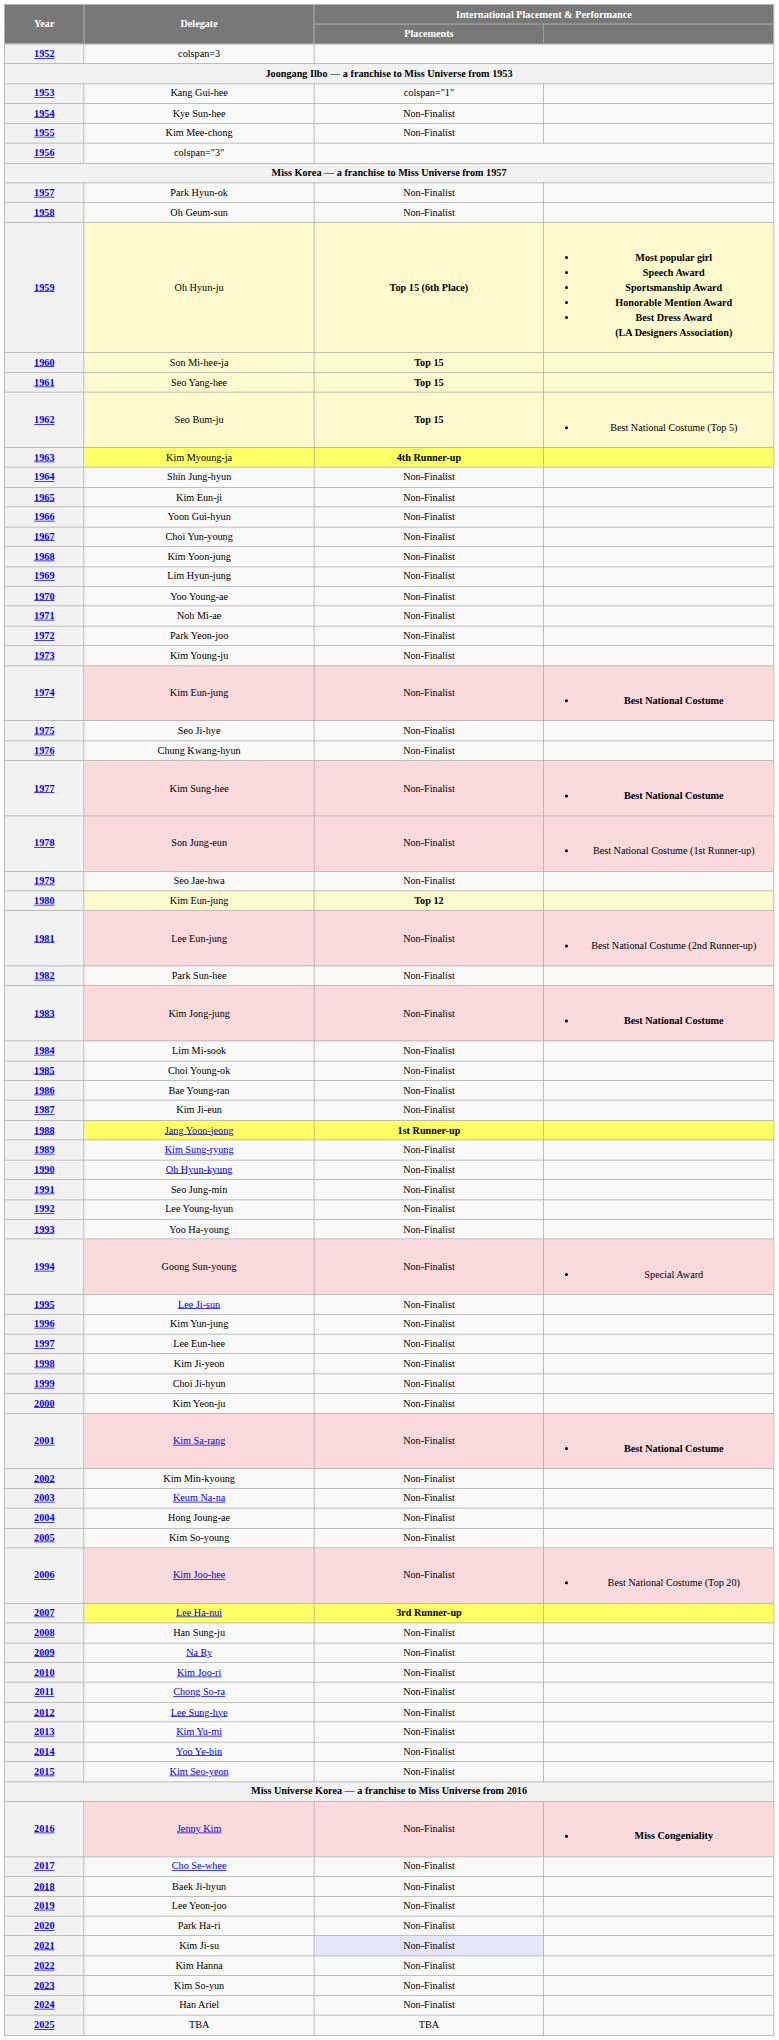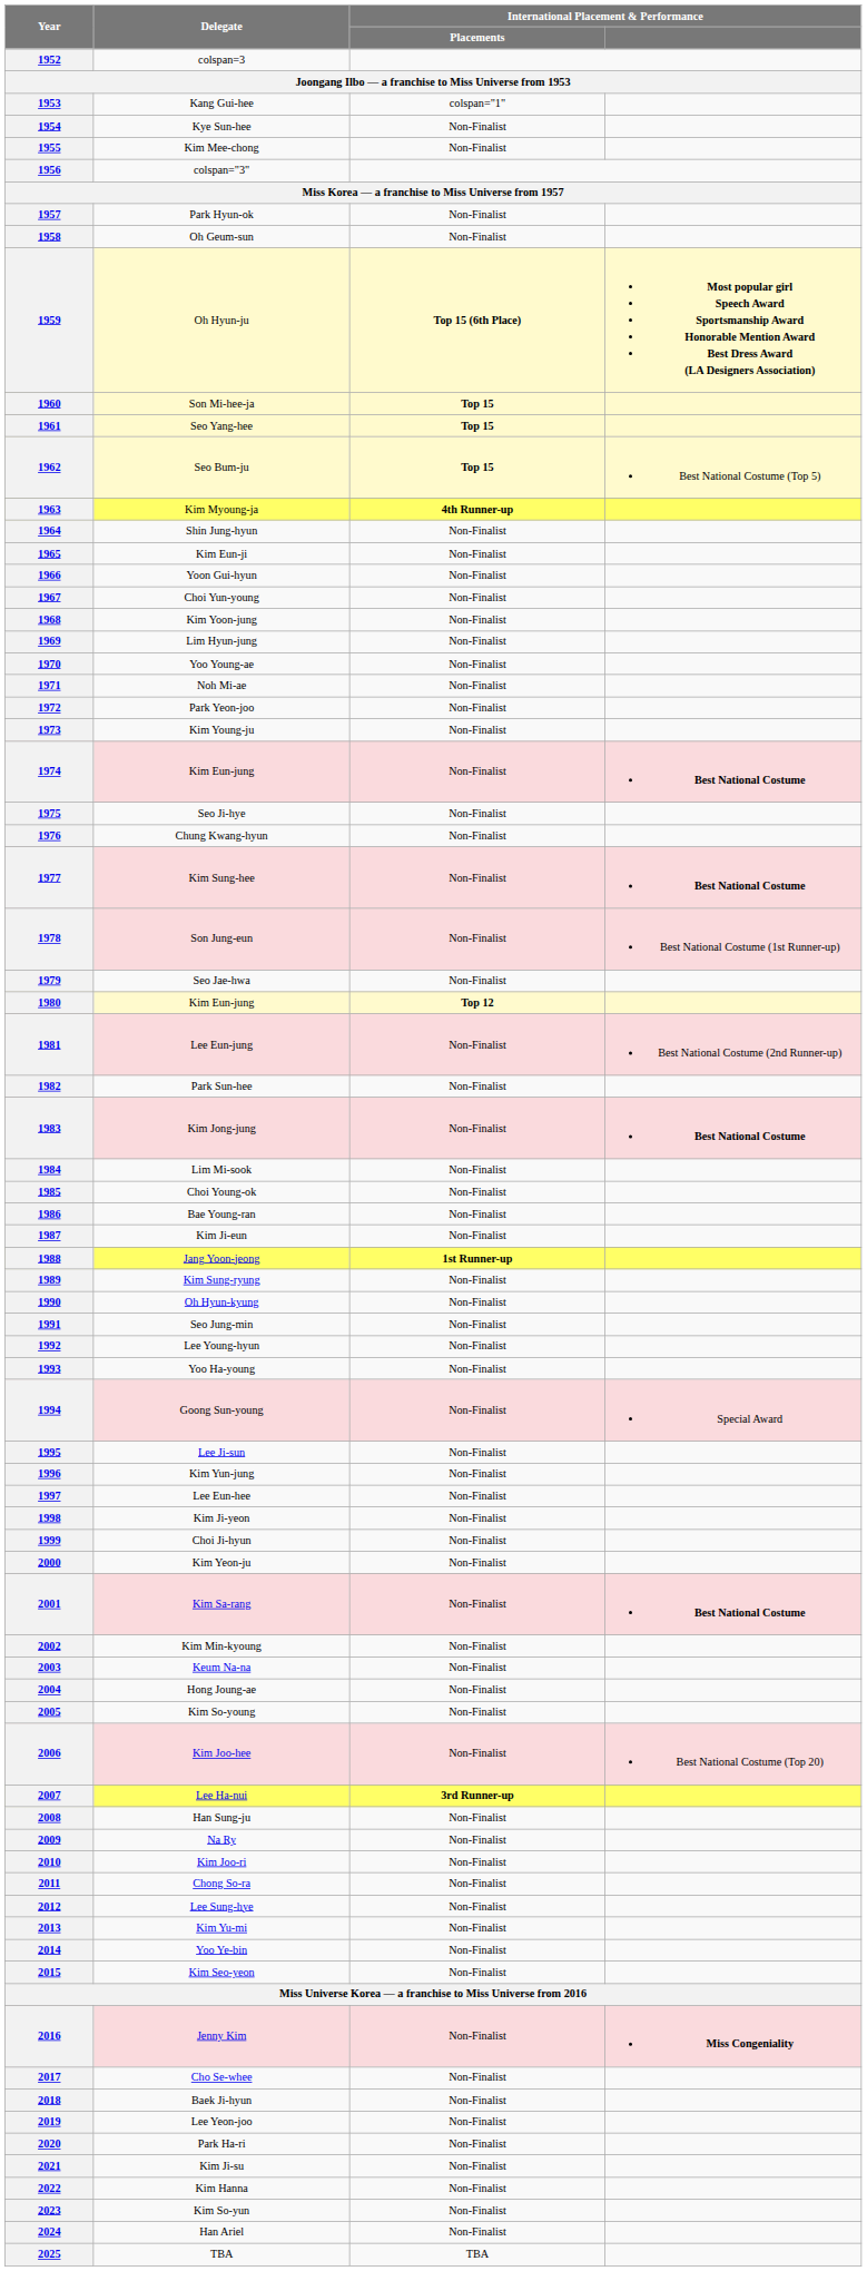 <table class="wikitable" style="text-align:center; line-height:20px; font-size:85%;">
 <tr>
 <th rowspan="2"  width=100px style="background-color:#787878;color:#FFFFFF;">Year</th>
 <th rowspan="2"  width=300px style="background-color:#787878;color:#FFFFFF;">Delegate</th>
 <th colspan="2"  width=100px style="background-color:#787878;color:#FFFFFF;">International Placement & Performance</th>
 </tr>
 <tr>
 <th width=300px style="background-color:#787878;color:#FFFFFF;">Placements</th>
 <th width=300px style="background-color:#787878;color:#FFFFFF;"></th>
 </tr>
 <tr>
 <th><a href='#'>1952</a></th>
 <td>colspan=3 </td>
 </tr>
 <tr>
 <th colspan="4">Joongang Ilbo — a franchise to Miss Universe from 1953</th>
 </tr>
 <tr>
 <th><a href='#'>1953</a></th>
 <td>Kang Gui-hee</td>
 <td>colspan="1" </td>
 </tr>
 <tr>
 <th><a href='#'>1954</a></th>
 <td>Kye Sun-hee</td>
 <td>Non-Finalist</td>
 <td></td>
 </tr>
 <tr>
 <th><a href='#'>1955</a></th>
 <td>Kim Mee-chong</td>
 <td>Non-Finalist</td>
 <td></td>
 </tr>
 <tr>
 <th><a href='#'>1956</a></th>
 <td>colspan="3" </td>
 </tr>
 <tr>
 <th colspan="4">Miss Korea — a franchise to Miss Universe from 1957</th>
 </tr>
 <tr>
 <th><a href='#'>1957</a></th>
 <td>Park Hyun-ok</td>
 <td>Non-Finalist</td>
 <td></td>
 </tr>
 <tr>
 <th><a href='#'>1958</a></th>
 <td>Oh Geum-sun</td>
 <td>Non-Finalist</td>
 <td></td>
 </tr>
 <tr style="background-color:#FFFACD; ">
 <th><a href='#'>1959</a></th>
 <td>Oh Hyun-ju</td>
 <td><strong>Top 15 (6th Place)</strong></td>
 <td><br><ul><li><strong>Most popular girl</strong></li><li><strong>Speech Award</strong></li><li><strong>Sportsmanship Award</strong></li><li><strong>Honorable Mention Award</strong></li><li><strong>Best Dress Award </strong><br><strong>(LA Designers Association)</strong></li></ul></td>
 </tr>
 <tr style="background-color:#FFFACD; ">
 <th><a href='#'>1960</a></th>
 <td>Son Mi-hee-ja</td>
 <td><strong>Top 15</strong></td>
 <td></td>
 </tr>
 <tr style="background-color:#FFFACD; ">
 <th><a href='#'>1961</a></th>
 <td>Seo Yang-hee</td>
 <td><strong>Top 15</strong></td>
 <td></td>
 </tr>
 <tr style="background-color:#FFFACD; ">
 <th><a href='#'>1962</a></th>
 <td>Seo Bum-ju</td>
 <td><strong>Top 15</strong></td>
 <td><br><ul><li>Best National Costume (Top 5)</li></ul></td>
 </tr>
 <tr style="background-color:#FFFF66;">
 <th><a href='#'>1963</a></th>
 <td>Kim Myoung-ja</td>
 <td><strong>4th Runner-up</strong></td>
 <td></td>
 </tr>
 <tr>
 <th><a href='#'>1964</a></th>
 <td>Shin Jung-hyun</td>
 <td>Non-Finalist</td>
 <td></td>
 </tr>
 <tr>
 <th><a href='#'>1965</a></th>
 <td>Kim Eun-ji</td>
 <td>Non-Finalist</td>
 <td></td>
 </tr>
 <tr>
 <th><a href='#'>1966</a></th>
 <td>Yoon Gui-hyun</td>
 <td>Non-Finalist</td>
 <td></td>
 </tr>
 <tr>
 <th><a href='#'>1967</a></th>
 <td>Choi Yun-young</td>
 <td>Non-Finalist</td>
 <td></td>
 </tr>
 <tr>
 <th><a href='#'>1968</a></th>
 <td>Kim Yoon-jung</td>
 <td>Non-Finalist</td>
 <td></td>
 </tr>
 <tr>
 <th><a href='#'>1969</a></th>
 <td>Lim Hyun-jung</td>
 <td>Non-Finalist</td>
 <td></td>
 </tr>
 <tr>
 <th><a href='#'>1970</a></th>
 <td>Yoo Young-ae</td>
 <td>Non-Finalist</td>
 <td></td>
 </tr>
 <tr>
 <th><a href='#'>1971</a></th>
 <td>Noh Mi-ae</td>
 <td>Non-Finalist</td>
 <td></td>
 </tr>
 <tr>
 <th><a href='#'>1972</a></th>
 <td>Park Yeon-joo</td>
 <td>Non-Finalist</td>
 <td></td>
 </tr>
 <tr>
 <th><a href='#'>1973</a></th>
 <td>Kim Young-ju</td>
 <td>Non-Finalist</td>
 <td></td>
 </tr>
 <tr style="background-color:#FADADD; ">
 <th><a href='#'>1974</a></th>
 <td>Kim Eun-jung</td>
 <td>Non-Finalist</td>
 <td><br><ul><li><strong>Best National Costume</strong></li></ul></td>
 </tr>
 <tr>
 <th><a href='#'>1975</a></th>
 <td>Seo Ji-hye</td>
 <td>Non-Finalist</td>
 <td></td>
 </tr>
 <tr>
 <th><a href='#'>1976</a></th>
 <td>Chung Kwang-hyun</td>
 <td>Non-Finalist</td>
 <td></td>
 </tr>
 <tr style="background-color:#FADADD; ">
 <th><a href='#'>1977</a></th>
 <td>Kim Sung-hee</td>
 <td>Non-Finalist</td>
 <td><br><ul><li><strong>Best National Costume</strong></li></ul></td>
 </tr>
 <tr style="background-color:#FADADD; ">
 <th><a href='#'>1978</a></th>
 <td>Son Jung-eun</td>
 <td>Non-Finalist</td>
 <td><br><ul><li>Best National Costume (1st Runner-up)</li></ul></td>
 </tr>
 <tr>
 <th><a href='#'>1979</a></th>
 <td>Seo Jae-hwa</td>
 <td>Non-Finalist</td>
 <td></td>
 </tr>
 <tr style="background-color:#FFFACD; ">
 <th><a href='#'>1980</a></th>
 <td>Kim Eun-jung</td>
 <td><strong>Top 12</strong></td>
 <td></td>
 </tr>
 <tr style="background-color:#FADADD; ">
 <th><a href='#'>1981</a></th>
 <td>Lee Eun-jung</td>
 <td>Non-Finalist</td>
 <td><br><ul><li>Best National Costume (2nd Runner-up)</li></ul></td>
 </tr>
 <tr>
 <th><a href='#'>1982</a></th>
 <td>Park Sun-hee</td>
 <td>Non-Finalist</td>
 <td></td>
 </tr>
 <tr style="background-color:#FADADD; ">
 <th><a href='#'>1983</a></th>
 <td>Kim Jong-jung</td>
 <td>Non-Finalist</td>
 <td><br><ul><li><strong>Best National Costume</strong></li></ul></td>
 </tr>
 <tr>
 <th><a href='#'>1984</a></th>
 <td>Lim Mi-sook</td>
 <td>Non-Finalist</td>
 <td></td>
 </tr>
 <tr>
 <th><a href='#'>1985</a></th>
 <td>Choi Young-ok</td>
 <td>Non-Finalist</td>
 <td></td>
 </tr>
 <tr>
 <th><a href='#'>1986</a></th>
 <td>Bae Young-ran</td>
 <td>Non-Finalist</td>
 <td></td>
 </tr>
 <tr>
 <th><a href='#'>1987</a></th>
 <td>Kim Ji-eun</td>
 <td>Non-Finalist</td>
 <td></td>
 </tr>
 <tr style="background-color:#FFFF66;">
 <th><a href='#'>1988</a></th>
 <td><a href='#'>Jang Yoon-jeong</a></td>
 <td><strong>1st Runner-up</strong></td>
 <td></td>
 </tr>
 <tr>
 <th><a href='#'>1989</a></th>
 <td><a href='#'>Kim Sung-ryung</a></td>
 <td>Non-Finalist</td>
 <td></td>
 </tr>
 <tr>
 <th><a href='#'>1990</a></th>
 <td><a href='#'>Oh Hyun-kyung</a></td>
 <td>Non-Finalist</td>
 <td></td>
 </tr>
 <tr>
 <th><a href='#'>1991</a></th>
 <td>Seo Jung-min</td>
 <td>Non-Finalist</td>
 <td></td>
 </tr>
 <tr>
 <th><a href='#'>1992</a></th>
 <td>Lee Young-hyun</td>
 <td>Non-Finalist</td>
 <td></td>
 </tr>
 <tr>
 <th><a href='#'>1993</a></th>
 <td>Yoo Ha-young</td>
 <td>Non-Finalist</td>
 <td></td>
 </tr>
 <tr style="background-color:#FADADD; ">
 <th><a href='#'>1994</a></th>
 <td>Goong Sun-young</td>
 <td>Non-Finalist</td>
 <td><br><ul><li>Special Award</li></ul></td>
 </tr>
 <tr>
 <th><a href='#'>1995</a></th>
 <td><a href='#'>Lee Ji-sun</a></td>
 <td>Non-Finalist</td>
 <td></td>
 </tr>
 <tr>
 <th><a href='#'>1996</a></th>
 <td>Kim Yun-jung</td>
 <td>Non-Finalist</td>
 <td></td>
 </tr>
 <tr>
 <th><a href='#'>1997</a></th>
 <td>Lee Eun-hee</td>
 <td>Non-Finalist</td>
 <td></td>
 </tr>
 <tr>
 <th><a href='#'>1998</a></th>
 <td>Kim Ji-yeon</td>
 <td>Non-Finalist</td>
 <td></td>
 </tr>
 <tr>
 <th><a href='#'>1999</a></th>
 <td>Choi Ji-hyun</td>
 <td>Non-Finalist</td>
 <td></td>
 </tr>
 <tr>
 <th><a href='#'>2000</a></th>
 <td>Kim Yeon-ju</td>
 <td>Non-Finalist</td>
 <td></td>
 </tr>
 <tr style="background-color:#FADADD; ">
 <th><a href='#'>2001</a></th>
 <td><a href='#'>Kim Sa-rang</a></td>
 <td>Non-Finalist</td>
 <td><br><ul><li><strong>Best National Costume</strong></li></ul></td>
 </tr>
 <tr>
 <th><a href='#'>2002</a></th>
 <td>Kim Min-kyoung</td>
 <td>Non-Finalist</td>
 <td></td>
 </tr>
 <tr>
 <th><a href='#'>2003</a></th>
 <td><a href='#'>Keum Na-na</a></td>
 <td>Non-Finalist</td>
 <td></td>
 </tr>
 <tr>
 <th><a href='#'>2004</a></th>
 <td>Hong Joung-ae</td>
 <td>Non-Finalist</td>
 <td></td>
 </tr>
 <tr>
 <th><a href='#'>2005</a></th>
 <td>Kim So-young</td>
 <td>Non-Finalist</td>
 <td></td>
 </tr>
 <tr style="background-color:#FADADD; ">
 <th><a href='#'>2006</a></th>
 <td><a href='#'>Kim Joo-hee</a></td>
 <td>Non-Finalist</td>
 <td><br><ul><li>Best National Costume (Top 20)</li></ul></td>
 </tr>
 <tr style="background-color:#FFFF66; ">
 <th><a href='#'>2007</a></th>
 <td><a href='#'>Lee Ha-nui</a></td>
 <td><strong>3rd Runner-up</strong></td>
 <td></td>
 </tr>
 <tr>
 <th><a href='#'>2008</a></th>
 <td>Han Sung-ju</td>
 <td>Non-Finalist</td>
 <td></td>
 </tr>
 <tr>
 <th><a href='#'>2009</a></th>
 <td><a href='#'>Na Ry</a></td>
 <td>Non-Finalist</td>
 <td></td>
 </tr>
 <tr>
 <th><a href='#'>2010</a></th>
 <td><a href='#'>Kim Joo-ri</a></td>
 <td>Non-Finalist</td>
 <td></td>
 </tr>
 <tr>
 <th><a href='#'>2011</a></th>
 <td><a href='#'>Chong So-ra</a></td>
 <td>Non-Finalist</td>
 <td></td>
 </tr>
 <tr>
 <th><a href='#'>2012</a></th>
 <td><a href='#'>Lee Sung-hye</a></td>
 <td>Non-Finalist</td>
 <td></td>
 </tr>
 <tr>
 <th><a href='#'>2013</a></th>
 <td><a href='#'>Kim Yu-mi</a></td>
 <td>Non-Finalist</td>
 <td></td>
 </tr>
 <tr>
 <th><a href='#'>2014</a></th>
 <td><a href='#'>Yoo Ye-bin</a></td>
 <td>Non-Finalist</td>
 <td></td>
 </tr>
 <tr>
 <th><a href='#'>2015</a></th>
 <td><a href='#'>Kim Seo-yeon</a></td>
 <td>Non-Finalist</td>
 <td></td>
 </tr>
 <tr>
 <th colspan="4">Miss Universe Korea — a franchise to Miss Universe from 2016</th>
 </tr>
 <tr style="background-color:#FADADD; ">
 <th><a href='#'>2016</a></th>
 <td><a href='#'>Jenny Kim</a></td>
 <td>Non-Finalist</td>
 <td><br><ul><li><strong>Miss Congeniality</strong></li></ul></td>
 </tr>
 <tr>
 <th><a href='#'>2017</a></th>
 <td><a href='#'>Cho Se-whee</a></td>
 <td>Non-Finalist</td>
 <td></td>
 </tr>
 <tr>
 <th><a href='#'>2018</a></th>
 <td>Baek Ji-hyun</td>
 <td>Non-Finalist</td>
 <td></td>
 </tr>
 <tr>
 <th><a href='#'>2019</a></th>
 <td>Lee Yeon-joo</td>
 <td>Non-Finalist</td>
 <td></td>
 </tr>
 <tr>
 <th><a href='#'>2020</a></th>
 <td>Park Ha-ri</td>
 <td>Non-Finalist</td>
 <td></td>
 </tr>
 <tr>
 <th><a href='#'>2021</a></th>
 <td>Kim Ji-su</td>
-<td style="background: lavender;">Non-Finalist</td>
+<td>Non-Finalist</td>
 <td></td>
 </tr>
 <tr>
 <th><a href='#'>2022</a></th>
 <td>Kim Hanna</td>
 <td>Non-Finalist</td>
 <td></td>
 </tr>
 <tr>
 <th><a href='#'>2023</a></th>
 <td>Kim So-yun</td>
 <td>Non-Finalist</td>
 <td></td>
 </tr>
 <tr>
 <th><a href='#'>2024</a></th>
 <td>Han Ariel</td>
 <td>Non-Finalist</td>
 <td></td>
 </tr>
 <tr>
 <th><a href='#'>2025</a></th>
 <td>TBA</td>
 <td>TBA</td>
 <td></td>
 </tr>
 </table>
